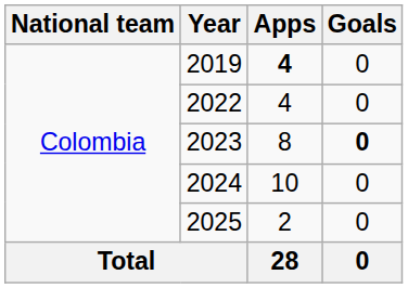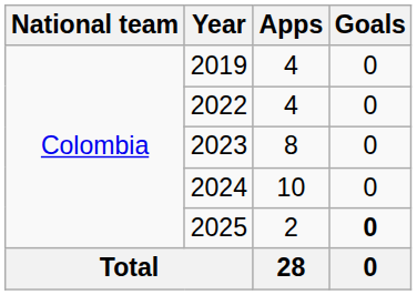 <table class=wikitable style=text-align:center>
 <tr>
 <th>National team</th>
 <th>Year</th>
 <th>Apps</th>
 <th>Goals</th>
 </tr>
 <tr>
 <td rowspan="5"><a href='#'>Colombia</a></td>
 <td>2019</td>
-<td><strong>4</strong></td>
+<td>4</td>
 <td>0</td>
 </tr>
 <tr>
 <td>2022</td>
 <td>4</td>
 <td>0</td>
 </tr>
 <tr>
 <td>2023</td>
 <td>8</td>
-<td><strong>0</strong></td>
+<td>0</td>
 </tr>
 <tr>
 <td>2024</td>
 <td>10</td>
 <td>0</td>
 </tr>
 <tr>
 <td>2025</td>
 <td>2</td>
-<td>0</td>
+<td><strong>0</strong></td>
 </tr>
 <tr>
 <th colspan="2">Total</th>
 <th>28</th>
 <th>0</th>
 </tr>
 </table>
